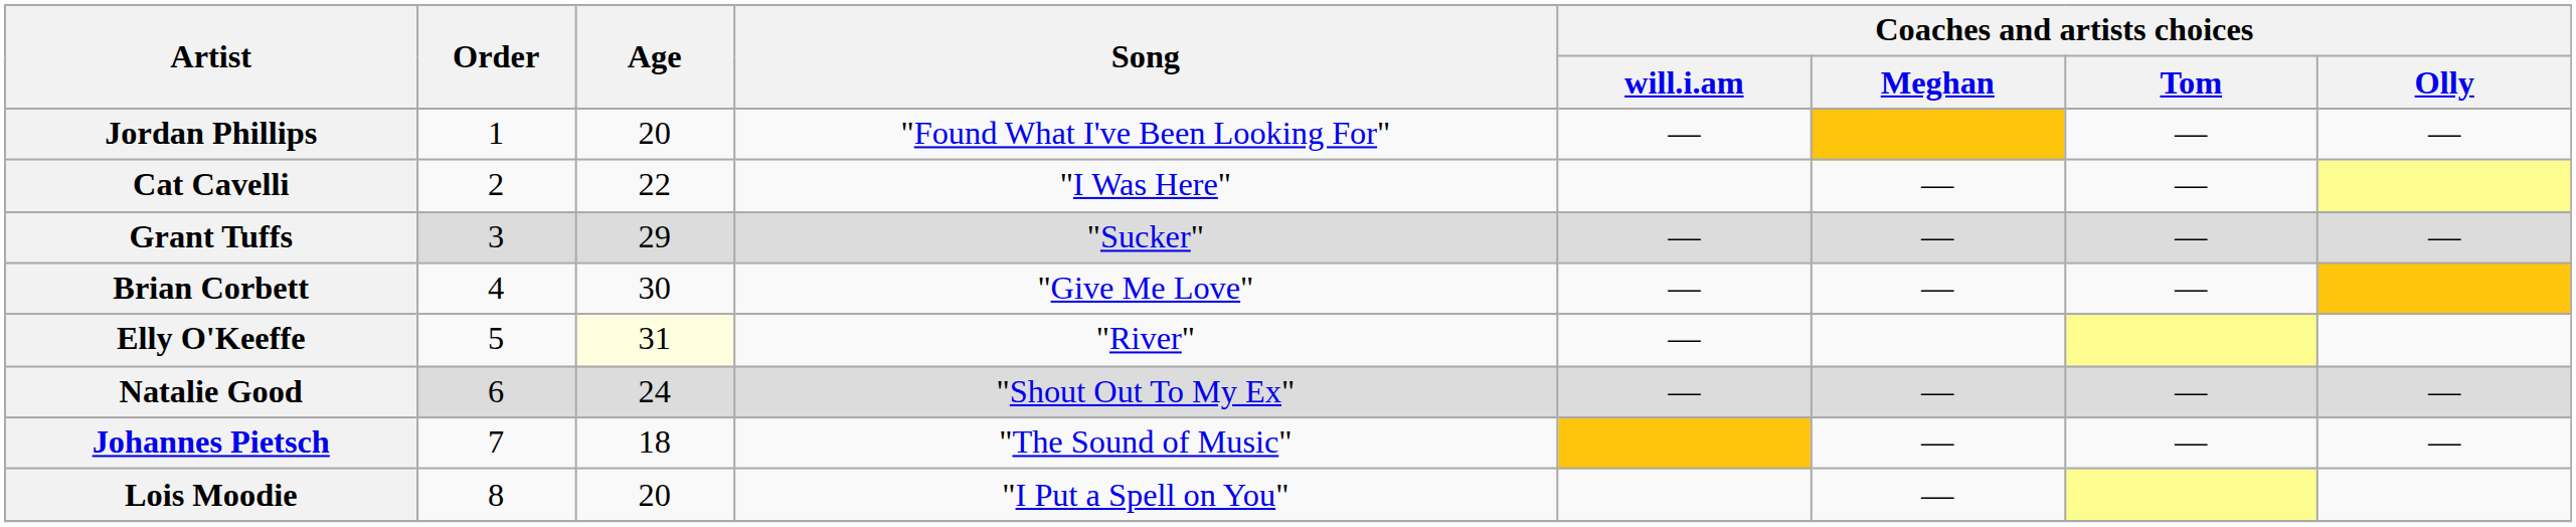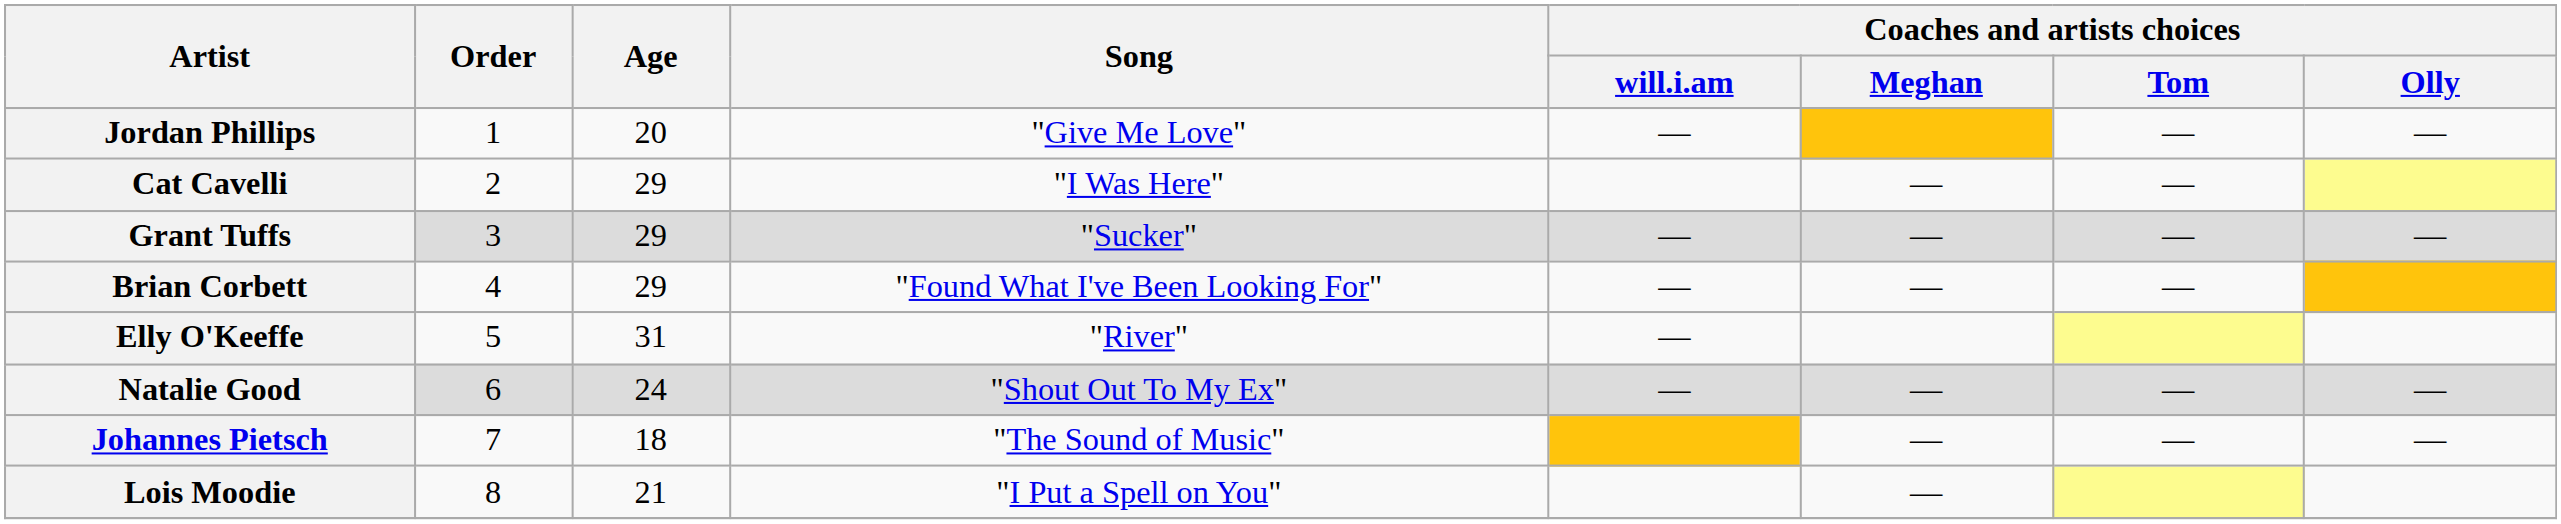 <table class="wikitable" style="text-align:center; width:100%;">
 <tr>
 <th rowspan="2" scope="col" style="width:13%;">Artist</th>
 <th rowspan="2" scope="col" style="width:05%;">Order</th>
 <th rowspan="2" scope="col" style="width:05%;">Age</th>
 <th rowspan="2" scope="col" style="width:26%;">Song</th>
 <th colspan="4" style="width:40%;">Coaches and artists choices</th>
 </tr>
 <tr>
 <th style="width:8%;"><a href='#'>will.i.am</a></th>
 <th style="width:8%;"><a href='#'>Meghan</a></th>
 <th style="width:8%;"><a href='#'>Tom</a></th>
 <th style="width:8%;"><a href='#'>Olly</a></th>
 </tr>
 <tr>
 <th scope="row">Jordan Phillips</th>
 <td>1</td>
 <td>20</td>
-<td>"<a href='#'>Found What I've Been Looking For</a>"</td>
+<td>"<a href='#'>Give Me Love</a>"</td>
 <td>—</td>
 <td style="background:#FFC40C;text-align:center;"><strong></strong></td>
 <td>—</td>
 <td>—</td>
 </tr>
 <tr>
 <th scope="row">Cat Cavelli</th>
 <td>2</td>
-<td>22</td>
+<td>29</td>
 <td>"<a href='#'>I Was Here</a>"</td>
 <td><strong></strong></td>
 <td>—</td>
 <td>—</td>
 <td style="background:#fdfc8f;"><strong></strong></td>
 </tr>
 <tr style="background:#DCDCDC;">
 <th scope="row">Grant Tuffs</th>
 <td>3</td>
 <td>29</td>
 <td>"<a href='#'>Sucker</a>"</td>
 <td>—</td>
 <td>—</td>
 <td>—</td>
 <td>—</td>
 </tr>
 <tr>
 <th scope="row">Brian Corbett</th>
 <td>4</td>
-<td>30</td>
-<td>"<a href='#'>Give Me Love</a>"</td>
+<td>29</td>
+<td>"<a href='#'>Found What I've Been Looking For</a>"</td>
 <td>—</td>
 <td>—</td>
 <td>—</td>
 <td style="background:#FFC40C;text-align:center;"><strong></strong></td>
 </tr>
 <tr>
 <th scope="row">Elly O'Keeffe</th>
 <td>5</td>
-<td style="background: lightyellow;">31</td>
+<td>31</td>
 <td>"<a href='#'>River</a>"</td>
 <td>—</td>
 <td><strong></strong></td>
 <td style="background:#fdfc8f;"><strong></strong></td>
 <td><strong></strong></td>
 </tr>
 <tr style="background:#DCDCDC;">
 <th scope="row">Natalie Good</th>
 <td>6</td>
 <td>24</td>
 <td>"<a href='#'>Shout Out To My Ex</a>"</td>
 <td>—</td>
 <td>—</td>
 <td>—</td>
 <td>—</td>
 </tr>
 <tr>
 <th scope="row"><a href='#'>Johannes Pietsch</a></th>
 <td>7</td>
 <td>18</td>
 <td>"<a href='#'>The Sound of Music</a>"</td>
 <td style="background:#FFC40C;text-align:center;"><strong></strong></td>
 <td>—</td>
 <td>—</td>
 <td>—</td>
 </tr>
 <tr>
 <th scope="row">Lois Moodie</th>
 <td>8</td>
-<td>20</td>
+<td>21</td>
 <td>"<a href='#'>I Put a Spell on You</a>"</td>
 <td><strong></strong></td>
 <td>—</td>
 <td style="background:#fdfc8f;"><strong></strong></td>
 <td><strong></strong></td>
 </tr>
 <tr>
 </tr>
 </table>
